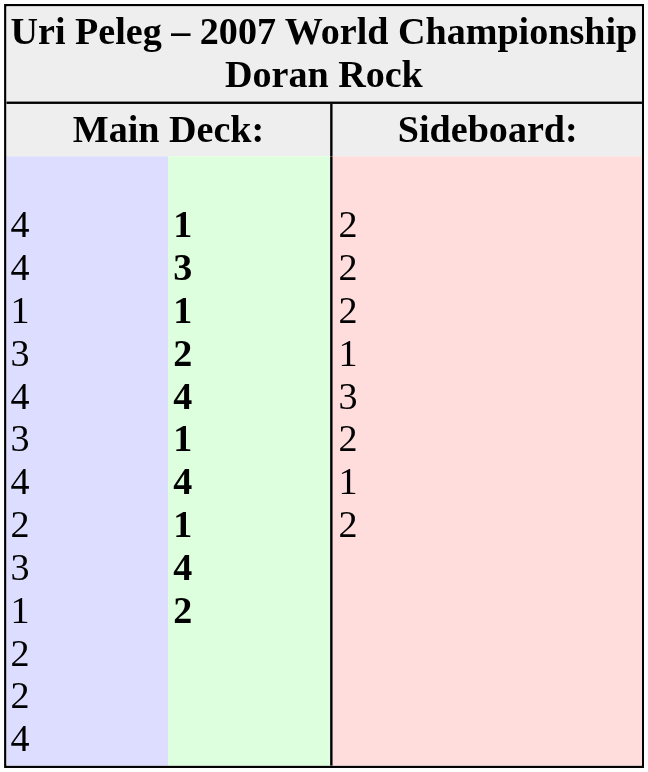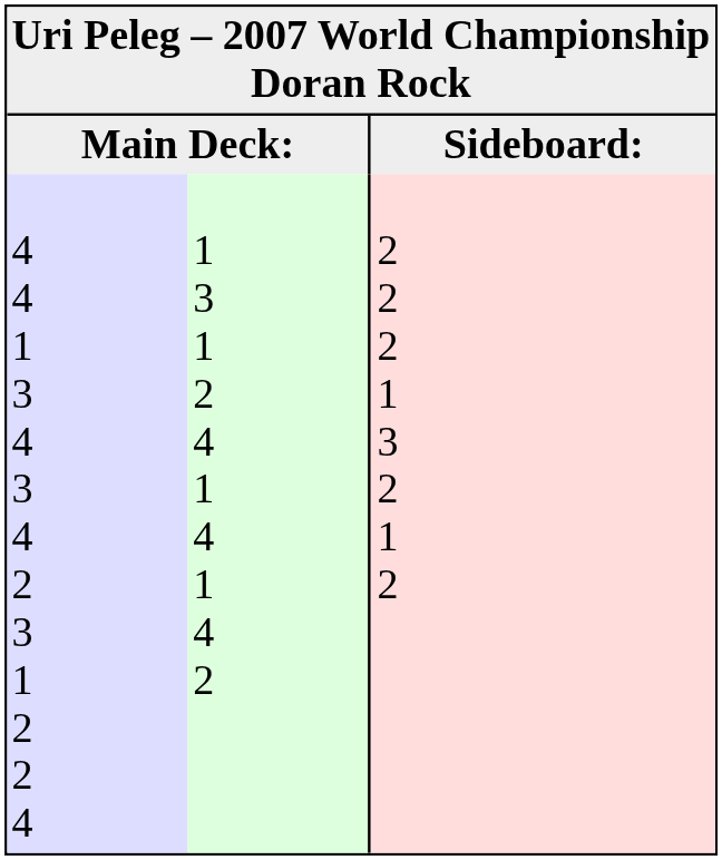 <table align="right" border="0" cellspacing="0" cellpadding="2" style="border: 1px solid black; margin-left: 1ex;">
 <tr>
 <th colspan="3" style="background-color: #eee; border-bottom: 1px solid black;">Uri Peleg – 2007 World Championship<br>Doran Rock</th>
 </tr>
 <tr style="background-color: #eee;">
 <th colspan="2">Main Deck:</th>
 <th style="border-left: 1px solid black;">Sideboard:</th>
 </tr>
 <tr valign="top">
 <td style="background-color: #ddf;"><br>4 <br> 4 <br> 1 <br> 3 <br> 4 <br> 3 <br> 4 <br>2 <br> 3 <br> 1 <br> 2 <br> 2 <br> 4 <br></td>
-<td style="background-color: #dfd;"><strong><br>1 <br> 3 <br> 1 <br> 2 <br> 4 <br> 1 <br> 4 <br> 1 <br> 4 <br> 2 <br></strong></td>
+<td style="background-color: #dfd;"><br>1 <br> 3 <br> 1 <br> 2 <br> 4 <br> 1 <br> 4 <br> 1 <br> 4 <br> 2 <br></td>
 <td style="background-color: #fdd; border-left: 1px solid black;"><br>2 <br> 2 <br> 2 <br> 1 <br> 3 <br> 2 <br> 1 <br> 2 <br></td>
 </tr>
 </table>
